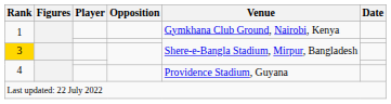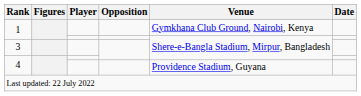 <table class="wikitable plainrowheaders sortable">
 <tr>
 <th scope=col>Rank</th>
 <th scope=col>Figures</th>
 <th scope=col>Player</th>
 <th scope=col>Opposition</th>
 <th scope=col>Venue</th>
 <th scope=col>Date</th>
 </tr>
 <tr>
 <td align=center rowspan=2>1</td>
 <th scope=row style=text-align:center; rowspan=2></th>
 <td></td>
 <td></td>
 <td><a href='#'>Gymkhana Club Ground</a>, <a href='#'>Nairobi</a>, Kenya</td>
 <td></td>
 </tr>
 <tr>
 <td></td>
 <td></td>
 <td rowspan=3><a href='#'>Shere-e-Bangla Stadium</a>, <a href='#'>Mirpur</a>, Bangladesh</td>
 <td></td>
 </tr>
 <tr>
-<td align=center style="background: gold;">3</td>
+<td align=center>3</td>
 <th scope=row style=text-align:center;></th>
 <td></td>
 <td rowspan=2></td>
 <td></td>
 </tr>
 <tr>
 <td align=center rowspan=2>4</td>
 <th scope=row style=text-align:center; rowspan=2></th>
 <td></td>
 <td></td>
 </tr>
 <tr>
 <td></td>
 <td></td>
 <td><a href='#'>Providence Stadium</a>, Guyana</td>
 <td></td>
 </tr>
 <tr class=sortbottom>
 <td colspan=6><small>Last updated: 22 July 2022</small></td>
 </tr>
 </table>
